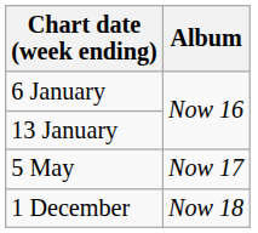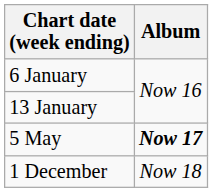 <table class="wikitable">
 <tr>
 <th style="text-align:center;">Chart date<br>(week ending)</th>
 <th style="text-align:center;">Album</th>
 </tr>
 <tr>
 <td style="text-align:left;">6 January</td>
 <td style="text-align:center;" rowspan="2"><em>Now 16</em></td>
 </tr>
 <tr>
 <td style="text-align:left;">13 January</td>
 </tr>
 <tr>
 <td style="text-align:left;">5 May</td>
-<td style="text-align:center;"><em>Now 17</em></td>
+<td style="text-align:center;"><strong><em>Now 17</em></strong></td>
 </tr>
 <tr>
 <td style="text-align:left;">1 December</td>
 <td style="text-align:center;"><em>Now 18</em></td>
 </tr>
 </table>
